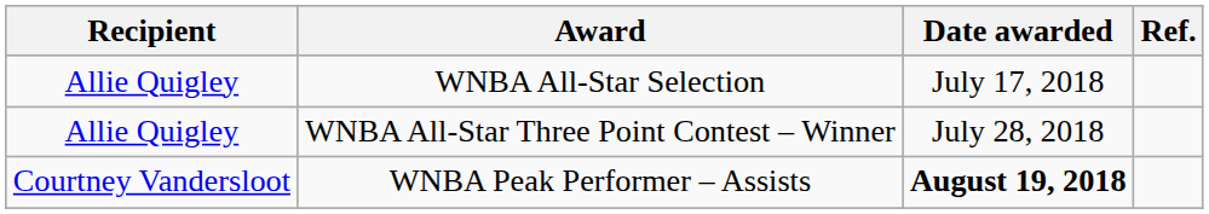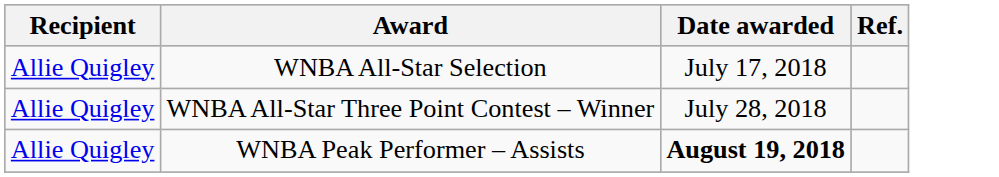 <table class="wikitable sortable sortable" style="text-align: center">
 <tr>
 <th>Recipient</th>
 <th>Award</th>
 <th>Date awarded</th>
 <th>Ref.</th>
 </tr>
 <tr>
 <td><a href='#'>Allie Quigley</a></td>
 <td>WNBA All-Star Selection</td>
 <td>July 17, 2018</td>
 <td></td>
 </tr>
 <tr>
 <td><a href='#'>Allie Quigley</a></td>
 <td>WNBA All-Star Three Point Contest – Winner</td>
 <td>July 28, 2018</td>
 <td></td>
 </tr>
 <tr>
-<td><a href='#'>Courtney Vandersloot</a></td>
+<td><a href='#'>Allie Quigley</a></td>
 <td>WNBA Peak Performer – Assists</td>
 <td><strong>August 19, 2018</strong></td>
 <td></td>
 </tr>
 </table>
